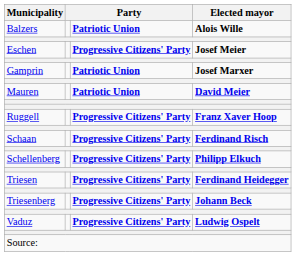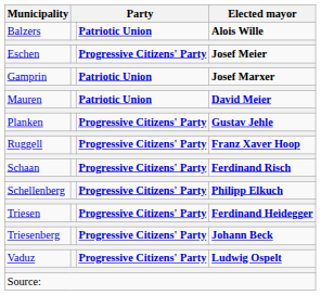 <table class="wikitable" style="text-align:right">
 <tr>
 <th>Municipality</th>
 <th colspan="2">Party</th>
 <th>Elected mayor</th>
 </tr>
 <tr>
 <td align="left"><a href='#'>Balzers</a></td>
 <td style="color:inherit;background:"></td>
 <td align="left"><a href='#'><strong>Patriotic Union</strong></a></td>
 <td align="left"><strong>Alois Wille</strong></td>
 </tr>
 <tr>
 <th colspan="4"></th>
 </tr>
 <tr>
 <td align="left"><a href='#'>Eschen</a></td>
 <td style="color:inherit;background:"></td>
 <td align="left"><strong><a href='#'>Progressive Citizens' Party</a></strong></td>
 <td align="left"><strong>Josef Meier</strong></td>
 </tr>
 <tr>
 <th colspan="4"></th>
 </tr>
 <tr>
 <td align="left"><a href='#'>Gamprin</a></td>
 <td style="color:inherit;background:"></td>
 <td align="left"><a href='#'><strong>Patriotic Union</strong></a></td>
 <td align="left"><strong>Josef Marxer</strong></td>
 </tr>
 <tr>
 <th colspan="4"></th>
 </tr>
 <tr>
 <td align="left"><a href='#'>Mauren</a></td>
 <td style="color:inherit;background:"></td>
 <td align="left"><a href='#'><strong>Patriotic Union</strong></a></td>
 <td align="left"><strong><a href='#'>David Meier</a></strong></td>
 </tr>
 <tr>
 <th colspan="4"></th>
+</tr>
+<tr>
+<td align="left"><a href='#'>Planken</a></td>
+<td style="color:inherit;background:"></td>
+<td align="left"><strong><a href='#'>Progressive Citizens' Party</a></strong></td>
+<td align="left"><strong><a href='#'>Gustav Jehle</a></strong></td>
 </tr>
 <tr>
 <th colspan="4"></th>
 </tr>
 <tr>
 <td align="left"><a href='#'>Ruggell</a></td>
 <td style="color:inherit;background:"></td>
 <td align="left"><strong><a href='#'>Progressive Citizens' Party</a></strong></td>
 <td align="left"><strong><a href='#'>Franz Xaver Hoop</a></strong></td>
 </tr>
 <tr>
 <th colspan="4"></th>
 </tr>
 <tr>
 <td align="left"><a href='#'>Schaan</a></td>
 <td style="color:inherit;background:"></td>
 <td align="left"><strong><a href='#'>Progressive Citizens' Party</a></strong></td>
 <td align="left"><strong><a href='#'>Ferdinand Risch</a></strong></td>
 </tr>
 <tr>
 <th colspan="4"></th>
 </tr>
 <tr>
 <td align="left"><a href='#'>Schellenberg</a></td>
 <td style="color:inherit;background:"></td>
 <td align="left"><strong><a href='#'>Progressive Citizens' Party</a></strong></td>
 <td align="left"><strong><a href='#'>Philipp Elkuch</a></strong></td>
 </tr>
 <tr>
 <th colspan="4"></th>
 </tr>
 <tr>
 <td align="left"><a href='#'>Triesen</a></td>
 <td style="color:inherit;background:"></td>
 <td align="left"><strong><a href='#'>Progressive Citizens' Party</a></strong></td>
 <td align="left"><strong><a href='#'>Ferdinand Heidegger</a></strong></td>
 </tr>
 <tr>
 <th colspan="4"></th>
 </tr>
 <tr>
 <td align="left"><a href='#'>Triesenberg</a></td>
 <td style="color:inherit;background:"></td>
 <td align="left"><strong><a href='#'>Progressive Citizens' Party</a></strong></td>
 <td align="left"><strong><a href='#'>Johann Beck</a></strong></td>
 </tr>
 <tr>
 <th colspan="4"></th>
 </tr>
 <tr>
 <td align="left"><a href='#'>Vaduz</a></td>
 <td style="color:inherit;background:"></td>
 <td align="left"><strong><a href='#'>Progressive Citizens' Party</a></strong></td>
 <td align="left"><strong><a href='#'>Ludwig Ospelt</a></strong></td>
 </tr>
 <tr>
 <th colspan="4"></th>
 </tr>
 <tr>
 <td colspan="4" align="left">Source: </td>
 </tr>
 </table>
